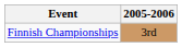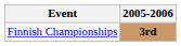 <table class="wikitable">
 <tr>
 <th>Event</th>
 <th>2005-2006</th>
 </tr>
 <tr>
 <td><a href='#'>Finnish Championships</a></td>
-<td style="text-align:center; background:#c96;">3rd</td>
+<td style="text-align:center; background:#c96;"><strong>3rd</strong></td>
 </tr>
 </table>
